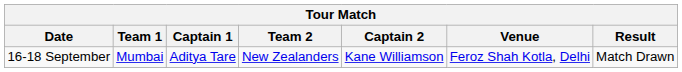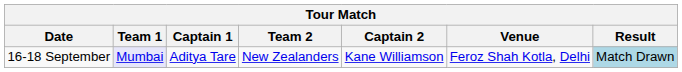 <table class="wikitable">
 <tr>
 <th colspan="7">Tour Match</th>
 </tr>
 <tr>
 <th>Date</th>
 <th>Team 1</th>
 <th>Captain 1</th>
 <th>Team 2</th>
 <th>Captain 2</th>
 <th>Venue</th>
 <th>Result</th>
 </tr>
 <tr>
 <td>16-18 September</td>
-<td><a href='#'>Mumbai</a></td>
+<td style="background: lavender;"><a href='#'>Mumbai</a></td>
 <td><a href='#'>Aditya Tare</a></td>
 <td><a href='#'>New Zealanders</a></td>
 <td><a href='#'>Kane Williamson</a></td>
 <td><a href='#'>Feroz Shah Kotla</a>, <a href='#'>Delhi</a></td>
-<td>Match Drawn</td>
+<td style="background: lightblue;">Match Drawn</td>
 </tr>
 </table>
